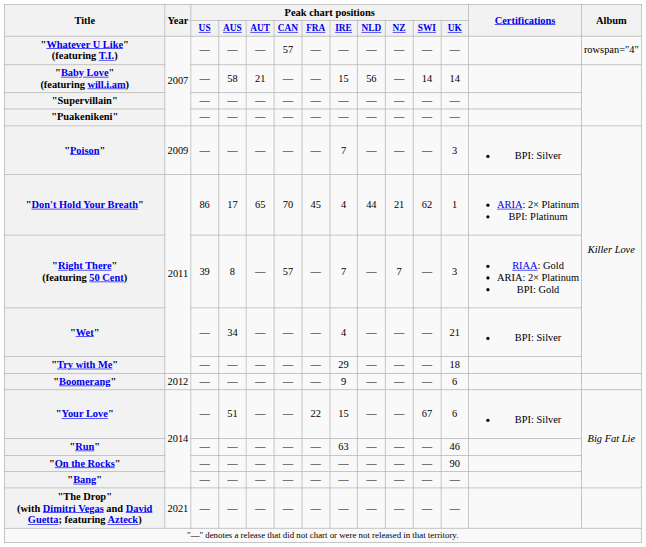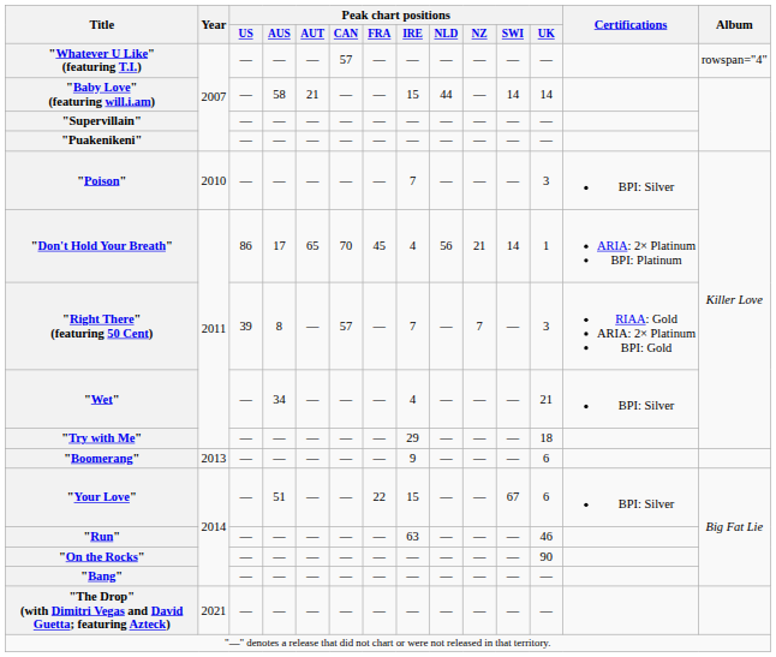 <table class="wikitable plainrowheaders" style="text-align:center;">
 <tr>
 <th scope="col" rowspan="2" style="width:15em;">Title</th>
 <th scope="col" rowspan="2">Year</th>
 <th scope="col" colspan="10">Peak chart positions</th>
 <th scope="col" rowspan="2"><a href='#'>Certifications</a></th>
 <th scope="col" rowspan="2">Album</th>
 </tr>
 <tr>
 <th scope="col" style="width:2.5em;font-size:90%;"><a href='#'>US</a><br></th>
 <th scope="col" style="width:2.5em;font-size:90%;"><a href='#'>AUS</a><br></th>
 <th scope="col" style="width:2.5em;font-size:90%;"><a href='#'>AUT</a><br></th>
 <th scope="col" style="width:2.5em;font-size:90%;"><a href='#'>CAN</a><br></th>
 <th scope="col" style="width:2.5em;font-size:90%;"><a href='#'>FRA</a><br></th>
 <th scope="col" style="width:2.5em;font-size:90%;"><a href='#'>IRE</a><br></th>
 <th scope="col" style="width:2.5em;font-size:90%;"><a href='#'>NLD</a><br></th>
 <th scope="col" style="width:2.5em;font-size:90%;"><a href='#'>NZ</a><br></th>
 <th scope="col" style="width:2.5em;font-size:90%;"><a href='#'>SWI</a><br></th>
 <th scope="col" style="width:2.5em;font-size:90%;"><a href='#'>UK</a><br></th>
 </tr>
 <tr>
 <th scope="row">"<a href='#'>Whatever U Like</a>"<br><span>(featuring <a href='#'>T.I.</a>)</span></th>
 <td rowspan="4">2007</td>
 <td>—</td>
 <td>—</td>
 <td>—</td>
 <td>57</td>
 <td>—</td>
 <td>—</td>
 <td>—</td>
 <td>—</td>
 <td>—</td>
 <td>—</td>
 <td></td>
 <td>rowspan="4" </td>
 </tr>
 <tr>
 <th scope="row">"<a href='#'>Baby Love</a>"<br><span>(featuring <a href='#'>will.i.am</a>)</span></th>
 <td>—</td>
 <td>58</td>
 <td>21</td>
 <td>—</td>
 <td>—</td>
 <td>15</td>
-<td>56</td>
+<td>44</td>
 <td>—</td>
 <td>14</td>
 <td>14</td>
 <td></td>
 </tr>
 <tr>
 <th scope="row">"Supervillain"</th>
 <td>—</td>
 <td>—</td>
 <td>—</td>
 <td>—</td>
 <td>—</td>
 <td>—</td>
 <td>—</td>
 <td>—</td>
 <td>—</td>
 <td>—</td>
 <td></td>
 </tr>
 <tr>
 <th scope="row">"Puakenikeni"</th>
 <td>—</td>
 <td>—</td>
 <td>—</td>
 <td>—</td>
 <td>—</td>
 <td>—</td>
 <td>—</td>
 <td>—</td>
 <td>—</td>
 <td>—</td>
 <td></td>
 </tr>
 <tr>
 <th scope="row">"<a href='#'>Poison</a>"</th>
-<td>2009</td>
+<td>2010</td>
 <td>—</td>
 <td>—</td>
 <td>—</td>
 <td>—</td>
 <td>—</td>
 <td>7</td>
 <td>—</td>
 <td>—</td>
 <td>—</td>
 <td>3</td>
 <td><br><ul><li>BPI: Silver</li></ul></td>
 <td rowspan="5"><em>Killer Love</em></td>
 </tr>
 <tr>
 <th scope="row">"<a href='#'>Don't Hold Your Breath</a>"</th>
 <td rowspan="4">2011</td>
 <td>86</td>
 <td>17</td>
 <td>65</td>
 <td>70</td>
 <td>45</td>
 <td>4</td>
-<td>44</td>
+<td>56</td>
 <td>21</td>
-<td>62</td>
+<td>14</td>
 <td>1</td>
 <td><br><ul><li><a href='#'>ARIA</a>: 2× Platinum</li><li>BPI: Platinum</li></ul></td>
 </tr>
 <tr>
 <th scope="row">"<a href='#'>Right There</a>" <br> <span>(featuring <a href='#'>50 Cent</a>)</span></th>
 <td>39</td>
 <td>8</td>
 <td>—</td>
 <td>57</td>
 <td>—</td>
 <td>7</td>
 <td>—</td>
 <td>7</td>
 <td>—</td>
 <td>3</td>
 <td><br><ul><li><a href='#'>RIAA</a>: Gold</li><li>ARIA: 2× Platinum</li><li>BPI: Gold</li></ul></td>
 </tr>
 <tr>
 <th scope="row">"<a href='#'>Wet</a>"</th>
 <td>—</td>
 <td>34</td>
 <td>—</td>
 <td>—</td>
 <td>—</td>
 <td>4</td>
 <td>—</td>
 <td>—</td>
 <td>—</td>
 <td>21</td>
 <td><br><ul><li>BPI: Silver</li></ul></td>
 </tr>
 <tr>
 <th scope="row">"<a href='#'>Try with Me</a>"</th>
 <td>—</td>
 <td>—</td>
 <td>—</td>
 <td>—</td>
 <td>—</td>
 <td>29</td>
 <td>—</td>
 <td>—</td>
 <td>—</td>
 <td>18</td>
 <td></td>
 </tr>
 <tr>
 <th scope="row">"<a href='#'>Boomerang</a>"</th>
-<td>2012</td>
+<td>2013</td>
 <td>—</td>
 <td>—</td>
 <td>—</td>
 <td>—</td>
 <td>—</td>
 <td>9</td>
 <td>—</td>
 <td>—</td>
 <td>—</td>
 <td>6</td>
 <td></td>
 <td></td>
 </tr>
 <tr>
 <th scope="row">"<a href='#'>Your Love</a>"</th>
 <td rowspan="4">2014</td>
 <td>—</td>
 <td>51</td>
 <td>—</td>
 <td>—</td>
 <td>22</td>
 <td>15</td>
 <td>—</td>
 <td>—</td>
 <td>67</td>
 <td>6</td>
 <td><br><ul><li>BPI: Silver</li></ul></td>
 <td rowspan="4"><em>Big Fat Lie</em></td>
 </tr>
 <tr>
 <th scope="row">"<a href='#'>Run</a>"</th>
 <td>—</td>
 <td>—</td>
 <td>—</td>
 <td>—</td>
 <td>—</td>
 <td>63</td>
 <td>—</td>
 <td>—</td>
 <td>—</td>
 <td>46</td>
 <td></td>
 </tr>
 <tr>
 <th scope="row">"<a href='#'>On the Rocks</a>"</th>
 <td>—</td>
 <td>—</td>
 <td>—</td>
 <td>—</td>
 <td>—</td>
 <td>—</td>
 <td>—</td>
 <td>—</td>
 <td>—</td>
 <td>90</td>
 <td></td>
 </tr>
 <tr>
 <th scope="row">"<a href='#'>Bang</a>"</th>
 <td>—</td>
 <td>—</td>
 <td>—</td>
 <td>—</td>
 <td>—</td>
 <td>—</td>
 <td>—</td>
 <td>—</td>
 <td>—</td>
 <td>—</td>
 <td></td>
 </tr>
 <tr>
 <th scope="row">"The Drop"<br> <span>(with <a href='#'>Dimitri Vegas</a> and <a href='#'>David Guetta</a>; featuring <a href='#'>Azteck</a>)</span></th>
 <td>2021</td>
 <td>—</td>
 <td>—</td>
 <td>—</td>
 <td>—</td>
 <td>—</td>
 <td>—</td>
 <td>—</td>
 <td>—</td>
 <td>—</td>
 <td>—</td>
 <td></td>
 </tr>
 <tr>
 <td colspan="16"  style="text-align:center; font-size:85%">"—" denotes a release that did not chart or were not released in that territory.</td>
 </tr>
 </table>
